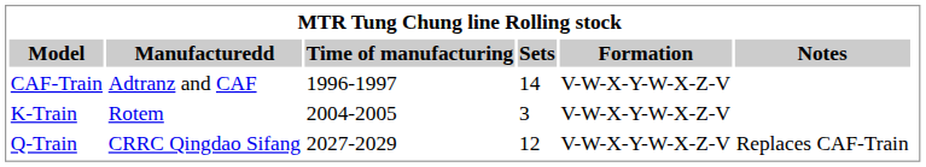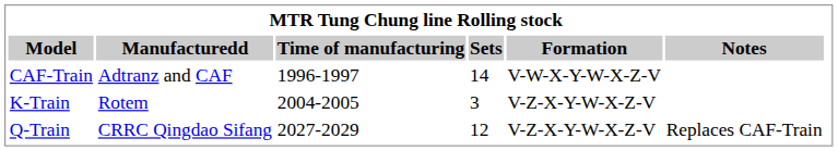 <table border=0 style="border:1px solid #999;background-color:white;text-align:left;font-size:90%">
 <tr align=center>
 <th colspan="6">MTR Tung Chung line Rolling stock</th>
 </tr>
 <tr align=center bgcolor=#cccccc>
 <th>Model</th>
 <th>Manufacturedd</th>
 <th>Time of manufacturing</th>
 <th>Sets</th>
 <th>Formation</th>
 <th>Notes</th>
 </tr>
 <tr>
 <td><a href='#'>CAF-Train</a></td>
 <td><a href='#'>Adtranz</a> and <a href='#'>CAF</a></td>
 <td>1996-1997</td>
 <td>14</td>
 <td>V-W-X-Y-W-X-Z-V</td>
 <td></td>
 </tr>
 <tr>
 <td><a href='#'>K-Train</a></td>
 <td><a href='#'>Rotem</a></td>
 <td>2004-2005</td>
 <td>3</td>
-<td>V-W-X-Y-W-X-Z-V</td>
+<td>V-Z-X-Y-W-X-Z-V</td>
 <td></td>
 </tr>
 <tr>
 <td><a href='#'>Q-Train</a></td>
 <td><a href='#'>CRRC Qingdao Sifang</a></td>
 <td>2027-2029</td>
 <td>12</td>
-<td>V-W-X-Y-W-X-Z-V</td>
+<td>V-Z-X-Y-W-X-Z-V</td>
 <td>Replaces CAF-Train</td>
 <td></td>
 </tr>
 </table>
